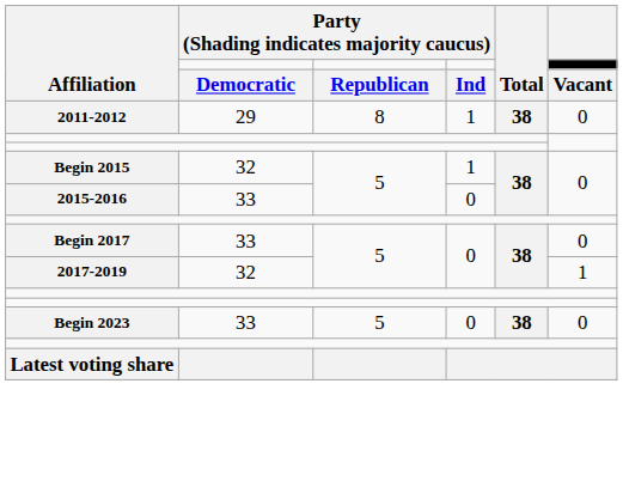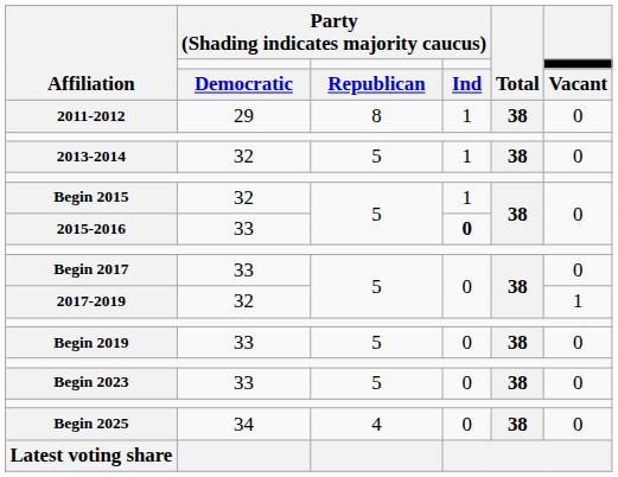 <table class=wikitable style="text-align:center">
 <tr style="vertical-align:bottom;">
 <th rowspan=3>Affiliation</th>
 <th colspan=3>Party <div>(Shading indicates majority caucus)</div></th>
 <th rowspan=3>Total</th>
 <th></th>
 </tr>
 <tr style="height:5px">
 <td style="background-color:"></td>
 <td style="background-color:"></td>
 <td style="background-color:"></td>
 <td style="background: black"></td>
 </tr>
 <tr>
 <th><a href='#'>Democratic</a></th>
 <th><a href='#'>Republican</a></th>
 <th><a href='#'>Ind</a></th>
 <th>Vacant</th>
 </tr>
 <tr>
 <th nowrap style="font-size:80%">2011-2012</th>
 <td>29</td>
 <td>8</td>
 <td>1</td>
 <th>38</th>
 <td>0</td>
 </tr>
 <tr>
 <td colspan=5></td>
 </tr>
 <tr>
+<th nowrap style="font-size:80%">2013-2014</th>
+<td>32</td>
+<td>5</td>
+<td>1</td>
+<th>38</th>
+<td>0</td>
+</tr>
+<tr>
 <td colspan=5></td>
 </tr>
 <tr>
 <th nowrap style="font-size:80%">Begin 2015</th>
 <td>32</td>
 <td rowspan=2>5</td>
 <td>1</td>
 <th rowspan=2>38</th>
 <td rowspan=2>0</td>
 </tr>
 <tr>
 <th nowrap style="font-size:80%">2015-2016</th>
 <td>33</td>
-<td>0</td>
+<td><strong>0</strong></td>
 </tr>
 <tr>
 <td colspan=6></td>
 </tr>
 <tr>
 <th nowrap style="font-size:80%">Begin 2017</th>
 <td>33</td>
 <td rowspan=2>5</td>
 <td rowspan=2>0</td>
 <th rowspan=2>38</th>
 <td rowspan=1>0</td>
 </tr>
 <tr>
 <th nowrap style="font-size:80%">2017-2019</th>
 <td>32</td>
 <td>1</td>
 </tr>
 <tr>
 <td colspan=6></td>
 </tr>
 <tr>
+<th nowrap style="font-size:80%">Begin 2019</th>
+<td>33</td>
+<td rowspan=1>5</td>
+<td>0</td>
+<th>38</th>
+<td>0</td>
+</tr>
+<tr>
 <td colspan=6></td>
 </tr>
 <tr>
 <th nowrap style="font-size:80%">Begin 2023</th>
 <td>33</td>
 <td rowspan=1>5</td>
 <td>0</td>
 <th>38</th>
 <td>0</td>
 </tr>
 <tr>
 <td colspan=6></td>
 </tr>
 <tr>
+<th nowrap style="font-size:80%">Begin 2025</th>
+<td>34</td>
+<td rowspan=1>4</td>
+<td>0</td>
+<th>38</th>
+<td>0</td>
+</tr>
+<tr>
 <th>Latest voting share</th>
 <th></th>
 <th></th>
 <th colspan=3></th>
 </tr>
 </table>
